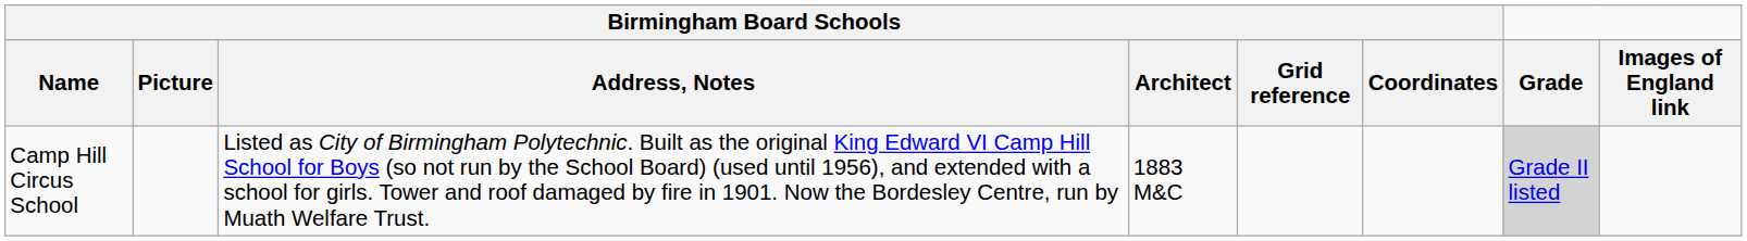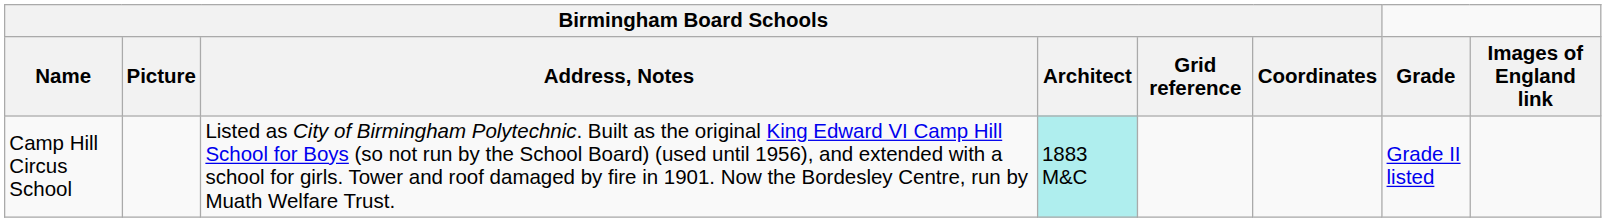 <table class="wikitable">
 <tr>
 <th colspan=6>Birmingham Board Schools</th>
 </tr>
 <tr --->
 <th>Name</th>
 <th>Picture</th>
 <th>Address, Notes</th>
 <th>Architect</th>
 <th>Grid reference</th>
 <th>Coordinates</th>
 <th>Grade</th>
 <th>Images of England link</th>
 </tr>
 <tr --- class="vcard">
 <td class="fn org">Camp Hill Circus School</td>
 <td></td>
 <td>Listed as <em>City of Birmingham Polytechnic</em>. Built as the original <a href='#'>King Edward VI Camp Hill School for Boys</a> (so not run by the School Board) (used until 1956), and extended with a school for girls. Tower and roof damaged by fire in 1901. Now the Bordesley Centre, run by Muath Welfare Trust.</td>
-<td>1883 M&C </td>
+<td style="background: paleturquoise;">1883 M&C </td>
 <td></td>
 <td></td>
-<td style="background: lightgrey;"><a href='#'>Grade II listed</a></td>
+<td><a href='#'>Grade II listed</a></td>
 <td></td>
 </tr>
 </table>
